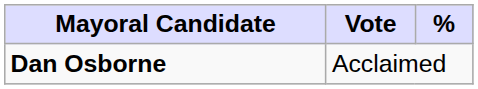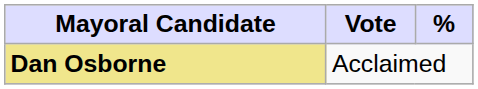 <table class="wikitable">
 <tr>
 <th style="background:#ddf; width:200px;">Mayoral Candidate</th>
 <th style="background:#ddf; width:50px;">Vote</th>
 <th style="background:#ddf; width:30px;">%</th>
 </tr>
 <tr>
-<td><strong>Dan Osborne</strong></td>
+<td style="background: khaki;"><strong>Dan Osborne</strong></td>
 <td colspan="2">Acclaimed</td>
 </tr>
 </table>
